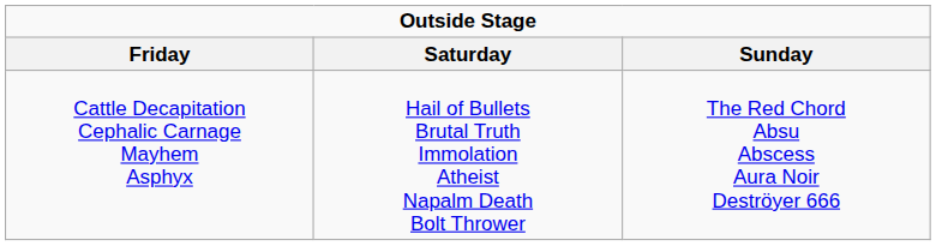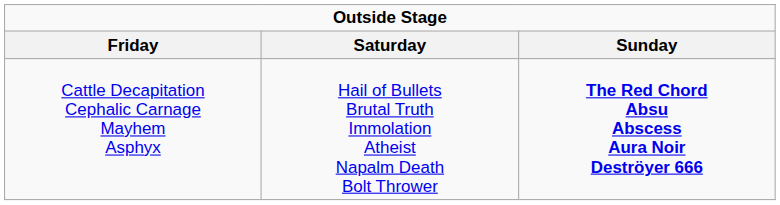 <table class="wikitable">
 <tr>
 <td colspan="3" align="center"><strong>Outside Stage</strong></td>
 </tr>
 <tr>
 <th>Friday</th>
 <th>Saturday</th>
 <th>Sunday</th>
 </tr>
 <tr>
 <td valign="top" align="center" width=235><br><a href='#'>Cattle Decapitation</a><br> <a href='#'>Cephalic Carnage</a><br> <a href='#'>Mayhem</a><br> <a href='#'>Asphyx</a></td>
 <td valign="top" align="center" width=235><br><a href='#'>Hail of Bullets</a><br> <a href='#'>Brutal Truth</a><br> <a href='#'>Immolation</a><br> <a href='#'>Atheist</a><br> <a href='#'>Napalm Death</a><br> <a href='#'>Bolt Thrower</a></td>
-<td valign="top" align="center" width=235><br><a href='#'>The Red Chord</a><br> <a href='#'>Absu</a><br> <a href='#'>Abscess</a><br> <a href='#'>Aura Noir</a><br> <a href='#'>Deströyer 666</a></td>
+<td valign="top" align="center" width=235><strong><br><a href='#'>The Red Chord</a><br> <a href='#'>Absu</a><br> <a href='#'>Abscess</a><br> <a href='#'>Aura Noir</a><br> <a href='#'>Deströyer 666</a></strong></td>
 </tr>
 </table>
